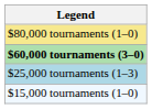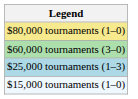 <table class="wikitable" style="font-size:85%">
 <tr>
 <th>Legend</th>
 </tr>
 <tr style="background:#f7e98e;">
 <td>$80,000 tournaments (1–0)</td>
 </tr>
 <tr style="background:#addfad;">
-<td><strong>$60,000 tournaments (3–0)</strong></td>
+<td>$60,000 tournaments (3–0)</td>
 </tr>
 <tr style="background:lightblue;">
 <td>$25,000 tournaments (1–3)</td>
 </tr>
 <tr style="background:#f0f8ff;">
 <td>$15,000 tournaments (1–0)</td>
 </tr>
 </table>
